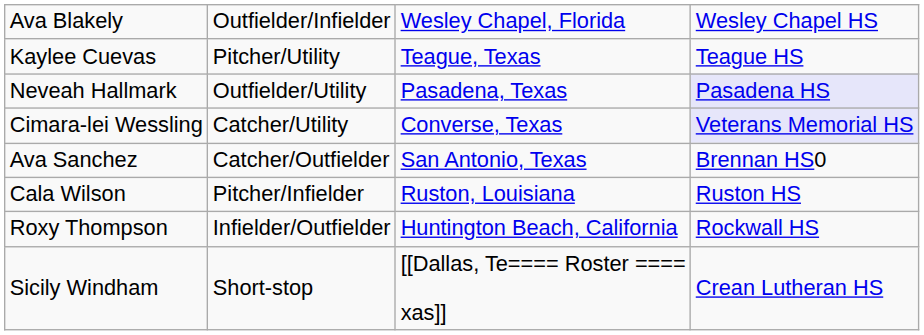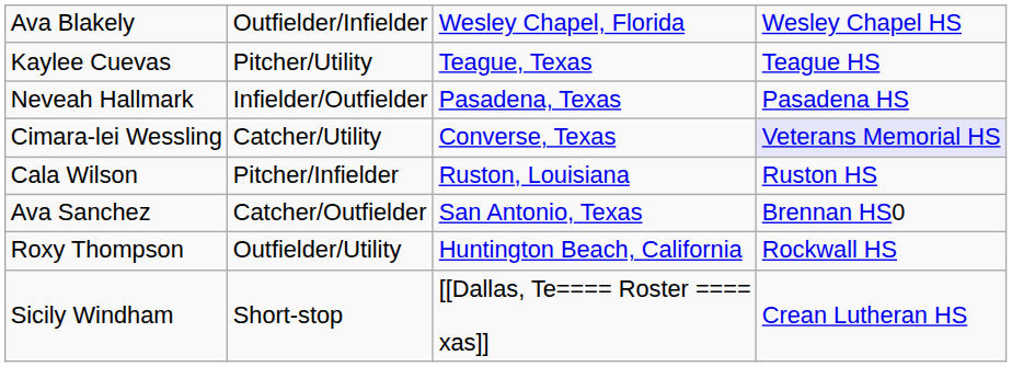 <table class="wikitable collapsible collapsed">
 <tr>
 <td>Ava Blakely</td>
 <td>Outfielder/Infielder</td>
 <td><a href='#'>Wesley Chapel, Florida</a></td>
 <td><a href='#'>Wesley Chapel HS</a></td>
 </tr>
 <tr>
 <td>Kaylee Cuevas</td>
 <td>Pitcher/Utility</td>
 <td><a href='#'>Teague, Texas</a></td>
 <td><a href='#'>Teague HS</a></td>
 </tr>
 <tr>
 <td>Neveah Hallmark</td>
-<td>Outfielder/Utility</td>
+<td>Infielder/Outfielder</td>
 <td><a href='#'>Pasadena, Texas</a></td>
-<td style="background: lavender;"><a href='#'>Pasadena HS</a></td>
+<td><a href='#'>Pasadena HS</a></td>
 </tr>
 <tr>
 <td>Cimara-lei Wessling</td>
 <td>Catcher/Utility</td>
 <td><a href='#'>Converse, Texas</a></td>
 <td style="background: lavender;"><a href='#'>Veterans Memorial HS</a></td>
 </tr>
 <tr>
+<td>Cala Wilson</td>
+<td>Pitcher/Infielder</td>
+<td><a href='#'>Ruston, Louisiana</a></td>
+<td><a href='#'>Ruston HS</a></td>
+</tr>
+<tr>
 <td>Ava Sanchez</td>
 <td>Catcher/Outfielder</td>
 <td><a href='#'>San Antonio, Texas</a></td>
 <td><a href='#'>Brennan HS</a>0</td>
 </tr>
 <tr>
-<td>Cala Wilson</td>
-<td>Pitcher/Infielder</td>
-<td><a href='#'>Ruston, Louisiana</a></td>
-<td><a href='#'>Ruston HS</a></td>
-</tr>
-<tr>
 <td>Roxy Thompson</td>
-<td>Infielder/Outfielder</td>
+<td>Outfielder/Utility</td>
 <td><a href='#'>Huntington Beach, California</a></td>
 <td><a href='#'>Rockwall HS</a></td>
 </tr>
 <tr>
 <td>Sicily Windham</td>
 <td>Short-stop</td>
 <td>[[Dallas, Te==== Roster ====<br>                      <br>xas]]</td>
 <td><a href='#'>Crean Lutheran HS</a></td>
 </tr>
 </table>
